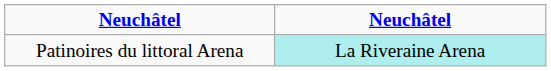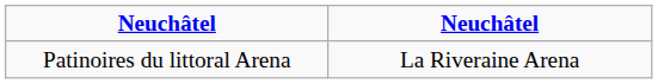 <table class="wikitable" style="text-align:center;">
 <tr>
 <td width=40%><strong><a href='#'>Neuchâtel</a></strong></td>
 <td width=40%><strong><a href='#'>Neuchâtel</a></strong></td>
 </tr>
 <tr>
 <td>Patinoires du littoral Arena</td>
-<td style="background: paleturquoise;">La Riveraine Arena</td>
+<td>La Riveraine Arena</td>
 </tr>
 </table>
